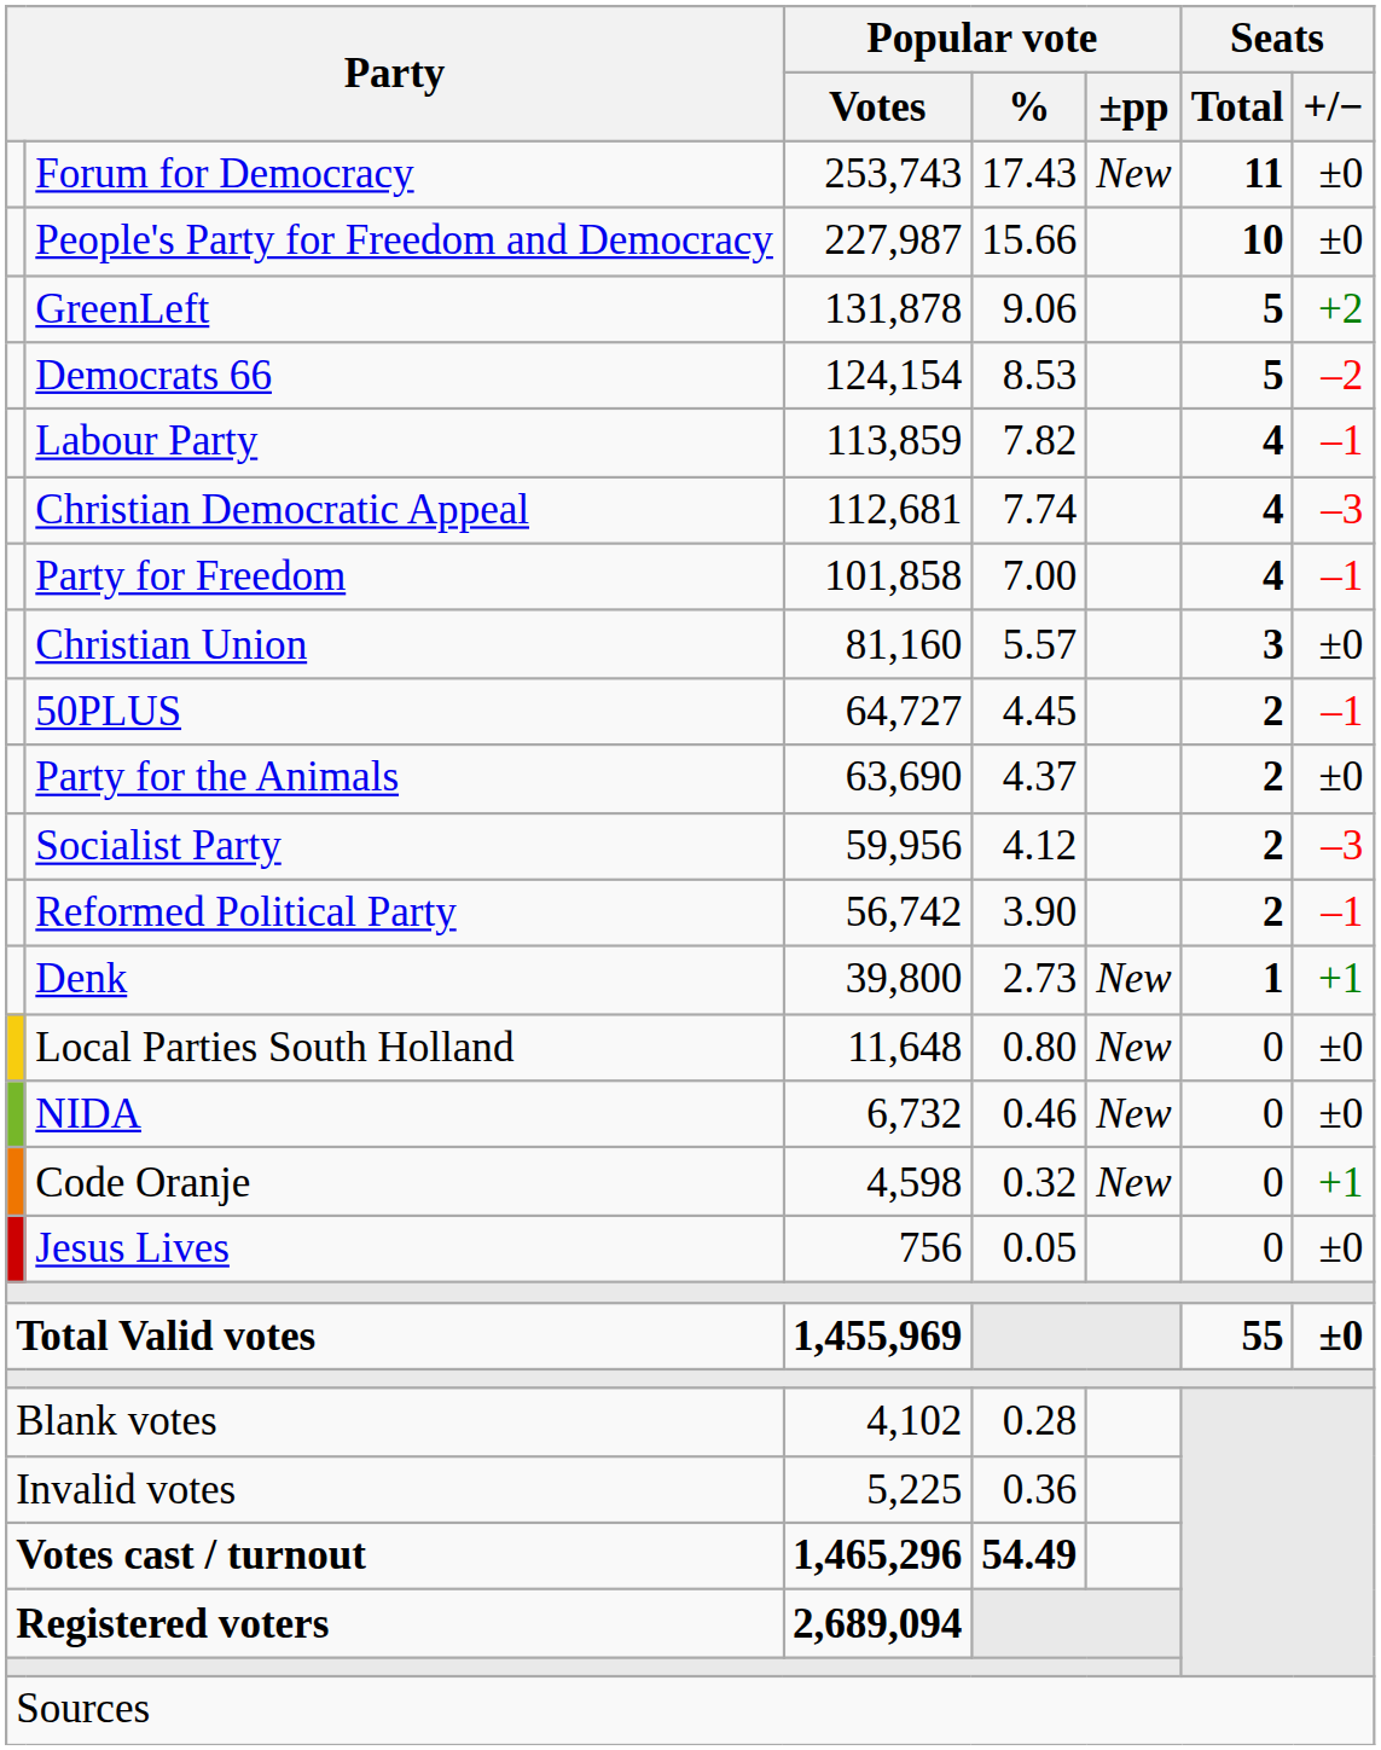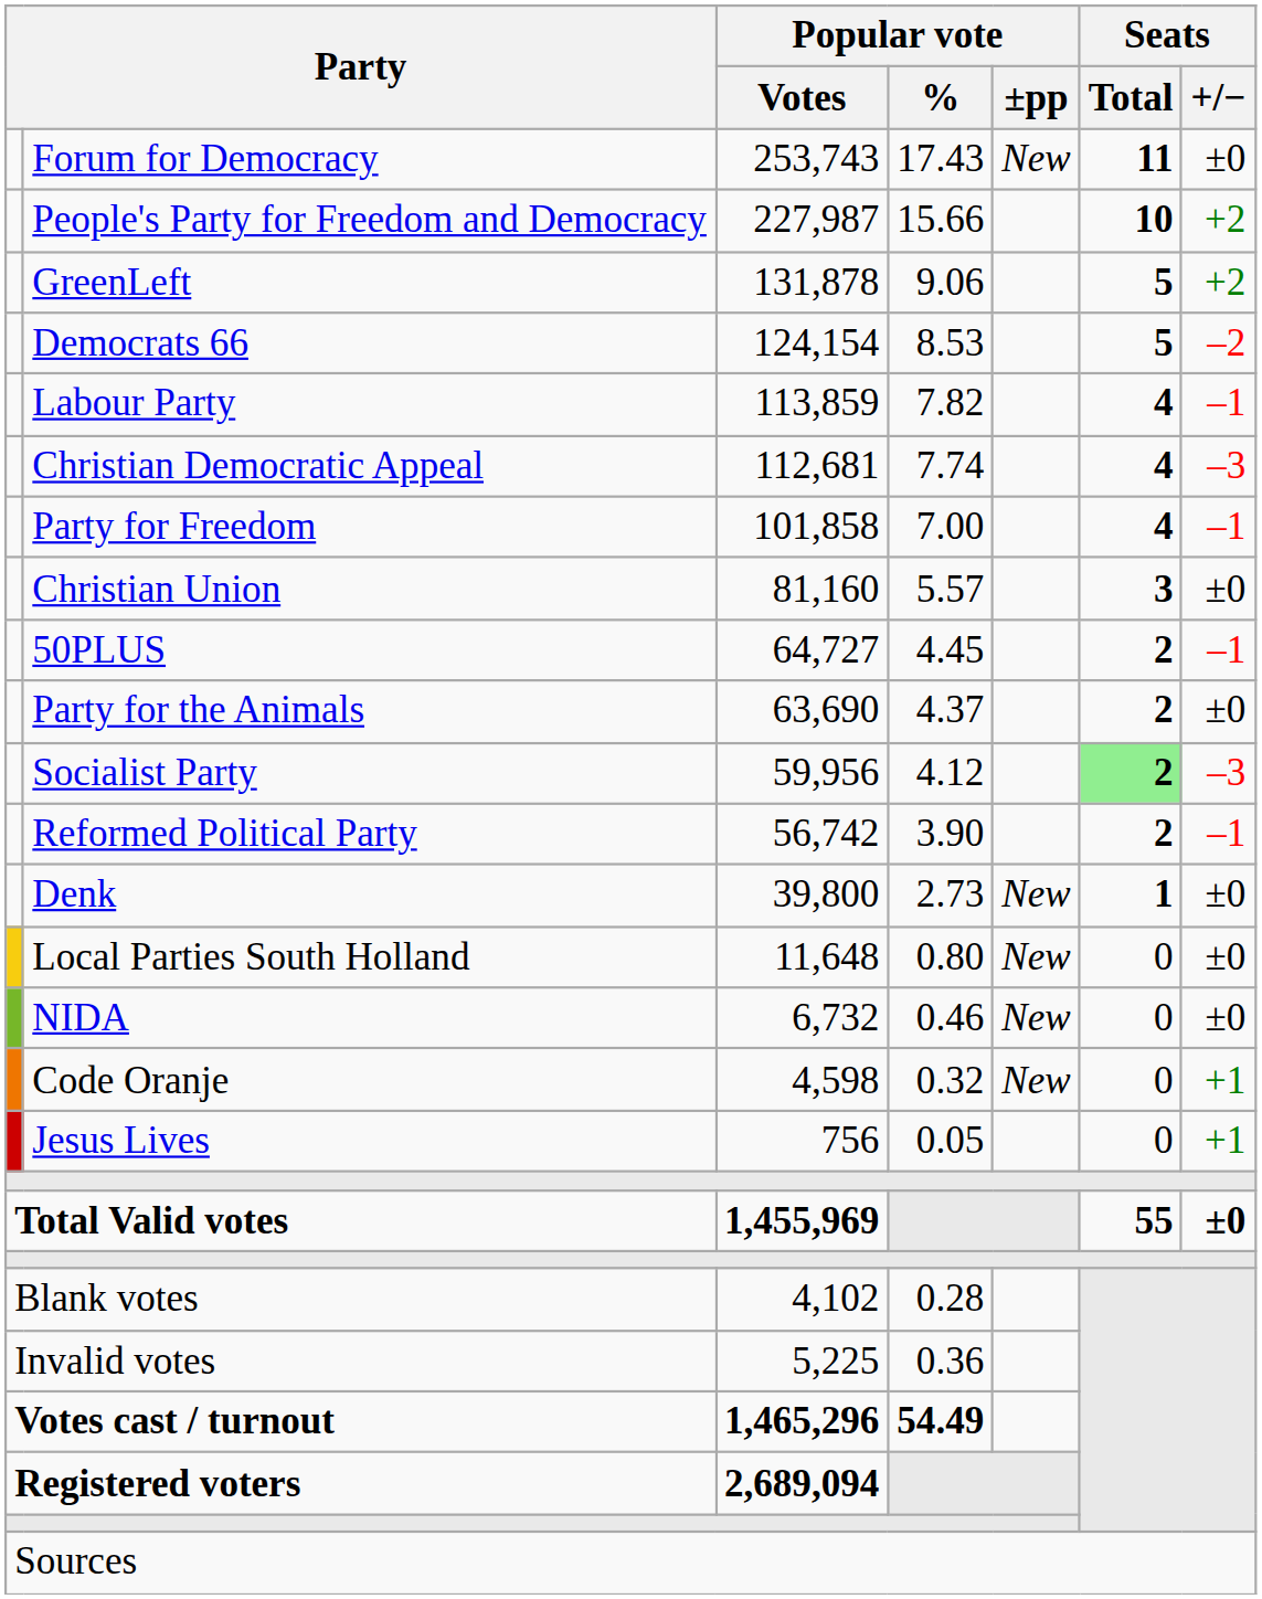 <table class="wikitable" style="text-align:right;">
 <tr>
 <th colspan=2 rowspan=2>Party</th>
 <th colspan=3>Popular vote</th>
 <th colspan=2>Seats</th>
 </tr>
 <tr>
 <th>Votes</th>
 <th>%</th>
 <th>±pp</th>
 <th>Total</th>
 <th>+/−</th>
 </tr>
 <tr>
 <td style="color:inherit;background:"></td>
 <td align="left"><a href='#'>Forum for Democracy</a></td>
 <td>253,743</td>
 <td>17.43</td>
 <td><em>New</em></td>
 <td><strong>11</strong></td>
 <td>±0</td>
 </tr>
 <tr>
 <td style="color:inherit;background:"></td>
 <td align="left"><a href='#'>People's Party for Freedom and Democracy</a></td>
 <td>227,987</td>
 <td>15.66</td>
 <td></td>
 <td><strong>10</strong></td>
-<td>±0</td>
+<td style="color:green;">+2</td>
 </tr>
 <tr>
 <td style="color:inherit;background:"></td>
 <td align="left"><a href='#'>GreenLeft</a></td>
 <td>131,878</td>
 <td>9.06</td>
 <td></td>
 <td><strong>5</strong></td>
 <td style="color:green;">+2</td>
 </tr>
 <tr>
 <td style="color:inherit;background:"></td>
 <td align="left"><a href='#'>Democrats 66</a></td>
 <td>124,154</td>
 <td>8.53</td>
 <td></td>
 <td><strong>5</strong></td>
 <td style="color:red;">–2</td>
 </tr>
 <tr>
 <td style="color:inherit;background:"></td>
 <td align="left"><a href='#'>Labour Party</a></td>
 <td>113,859</td>
 <td>7.82</td>
 <td></td>
 <td><strong>4</strong></td>
 <td style="color:red;">–1</td>
 </tr>
 <tr>
 <td style="color:inherit;background:"></td>
 <td align="left"><a href='#'>Christian Democratic Appeal</a></td>
 <td>112,681</td>
 <td>7.74</td>
 <td></td>
 <td><strong>4</strong></td>
 <td style="color:red;">–3</td>
 </tr>
 <tr>
 <td style="color:inherit;background:"></td>
 <td align="left"><a href='#'>Party for Freedom</a></td>
 <td>101,858</td>
 <td>7.00</td>
 <td></td>
 <td><strong>4</strong></td>
 <td style="color:red;">–1</td>
 </tr>
 <tr>
 <td style="color:inherit;background:"></td>
 <td align="left"><a href='#'>Christian Union</a></td>
 <td>81,160</td>
 <td>5.57</td>
 <td></td>
 <td><strong>3</strong></td>
 <td>±0</td>
 </tr>
 <tr>
 <td style="color:inherit;background:"></td>
 <td align="left"><a href='#'>50PLUS</a></td>
 <td>64,727</td>
 <td>4.45</td>
 <td></td>
 <td><strong>2</strong></td>
 <td style="color:red;">–1</td>
 </tr>
 <tr>
 <td style="color:inherit;background:"></td>
 <td align="left"><a href='#'>Party for the Animals</a></td>
 <td>63,690</td>
 <td>4.37</td>
 <td></td>
 <td><strong>2</strong></td>
 <td>±0</td>
 </tr>
 <tr>
 <td style="color:inherit;background:"></td>
 <td align="left"><a href='#'>Socialist Party</a></td>
 <td>59,956</td>
 <td>4.12</td>
 <td></td>
-<td><strong>2</strong></td>
+<td style="background: lightgreen;"><strong>2</strong></td>
 <td style="color:red;">–3</td>
 </tr>
 <tr>
 <td style="color:inherit;background:"></td>
 <td align="left"><a href='#'>Reformed Political Party</a></td>
 <td>56,742</td>
 <td>3.90</td>
 <td></td>
 <td><strong>2</strong></td>
 <td style="color:red;">–1</td>
 </tr>
 <tr>
 <td style="color:inherit;background:"></td>
 <td align="left"><a href='#'>Denk</a></td>
 <td>39,800</td>
 <td>2.73</td>
 <td><em>New</em></td>
 <td><strong>1</strong></td>
-<td style="color:green;">+1</td>
+<td>±0</td>
 </tr>
 <tr>
 <td style="color:inherit;background:#f7cd0f"></td>
 <td align="left">Local Parties South Holland</td>
 <td>11,648</td>
 <td>0.80</td>
 <td><em>New</em></td>
 <td>0</td>
 <td>±0</td>
 </tr>
 <tr>
 <td style="color:inherit;background:#76b729"></td>
 <td align="left"><a href='#'>NIDA</a></td>
 <td>6,732</td>
 <td>0.46</td>
 <td><em>New</em></td>
 <td>0</td>
 <td>±0</td>
 </tr>
 <tr>
 <td style="color:inherit;background:#ef7601"></td>
 <td align="left">Code Oranje</td>
 <td>4,598</td>
 <td>0.32</td>
 <td><em>New</em></td>
 <td>0</td>
 <td style="color:green;">+1</td>
 </tr>
 <tr>
 <td style="color:inherit;background:#cc0001"></td>
 <td align="left"><a href='#'>Jesus Lives</a></td>
 <td>756</td>
 <td>0.05</td>
 <td></td>
 <td>0</td>
-<td>±0</td>
+<td style="color:green;">+1</td>
 </tr>
 <tr>
 <td colspan="7" style="color:inherit;background:#E9E9E9"></td>
 </tr>
 <tr style="font-weight:bold;">
 <td align="left" colspan="2">Total Valid votes</td>
 <td>1,455,969</td>
 <td bgcolor="#E9E9E9" colspan="2"></td>
 <td>55</td>
 <td>±0</td>
 </tr>
 <tr>
 <td colspan="7" style="color:inherit;background:#E9E9E9"></td>
 </tr>
 <tr>
 <td align="left" colspan="2">Blank votes</td>
 <td>4,102</td>
 <td>0.28</td>
 <td></td>
 <td bgcolor="#E9E9E9" colspan="2" rowspan="5"></td>
 </tr>
 <tr>
 <td align="left" colspan="2">Invalid votes</td>
 <td>5,225</td>
 <td>0.36</td>
 <td></td>
 </tr>
 <tr style="font-weight:bold;">
 <td align="left" colspan="2">Votes cast / turnout</td>
 <td>1,465,296</td>
 <td>54.49</td>
 <td></td>
 </tr>
 <tr style="font-weight:bold;">
 <td align="left" colspan="2">Registered voters</td>
 <td>2,689,094</td>
 <td bgcolor="#E9E9E9" colspan="2"></td>
 </tr>
 <tr>
 <td colspan="7" style="color:inherit;background:#E9E9E9"></td>
 </tr>
 <tr>
 <td align="left" colspan="7">Sources </td>
 </tr>
 </table>
